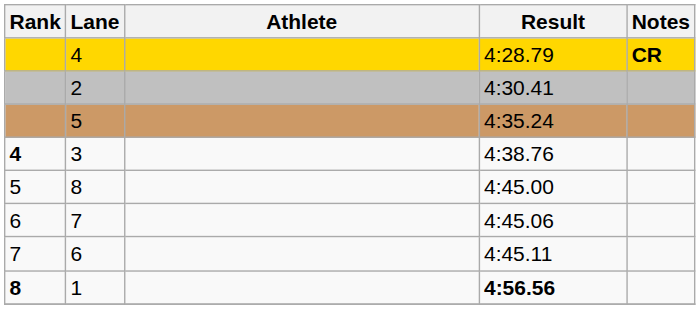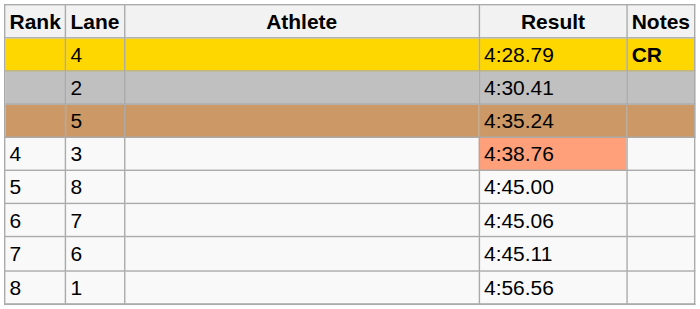 <table class="wikitable" style="font-size:95%" style="width:35em;" style="text-align:center">
 <tr>
 <th>Rank</th>
 <th>Lane</th>
 <th width=250>Athlete</th>
 <th width=100>Result</th>
 <th>Notes</th>
 </tr>
 <tr bgcolor=gold>
 <td></td>
 <td>4</td>
 <td align=left></td>
 <td>4:28.79</td>
 <td><strong>CR</strong></td>
 </tr>
 <tr bgcolor=silver>
 <td></td>
 <td>2</td>
 <td align=left></td>
 <td>4:30.41</td>
 <td></td>
 </tr>
 <tr bgcolor=cc9966>
 <td></td>
 <td>5</td>
 <td align=left></td>
 <td>4:35.24</td>
 <td></td>
 </tr>
 <tr>
-<td><strong>4</strong></td>
+<td>4</td>
 <td>3</td>
 <td align=left></td>
-<td>4:38.76</td>
+<td style="background: lightsalmon;">4:38.76</td>
 <td></td>
 </tr>
 <tr>
 <td>5</td>
 <td>8</td>
 <td align=left></td>
 <td>4:45.00</td>
 <td></td>
 </tr>
 <tr>
 <td>6</td>
 <td>7</td>
 <td align=left></td>
 <td>4:45.06</td>
 <td></td>
 </tr>
 <tr>
 <td>7</td>
 <td>6</td>
 <td align=left></td>
 <td>4:45.11</td>
 <td></td>
 </tr>
 <tr>
-<td><strong>8</strong></td>
+<td>8</td>
 <td>1</td>
 <td align=left></td>
-<td><strong>4:56.56</strong></td>
+<td>4:56.56</td>
 <td></td>
 </tr>
 <tr>
 </tr>
 </table>
